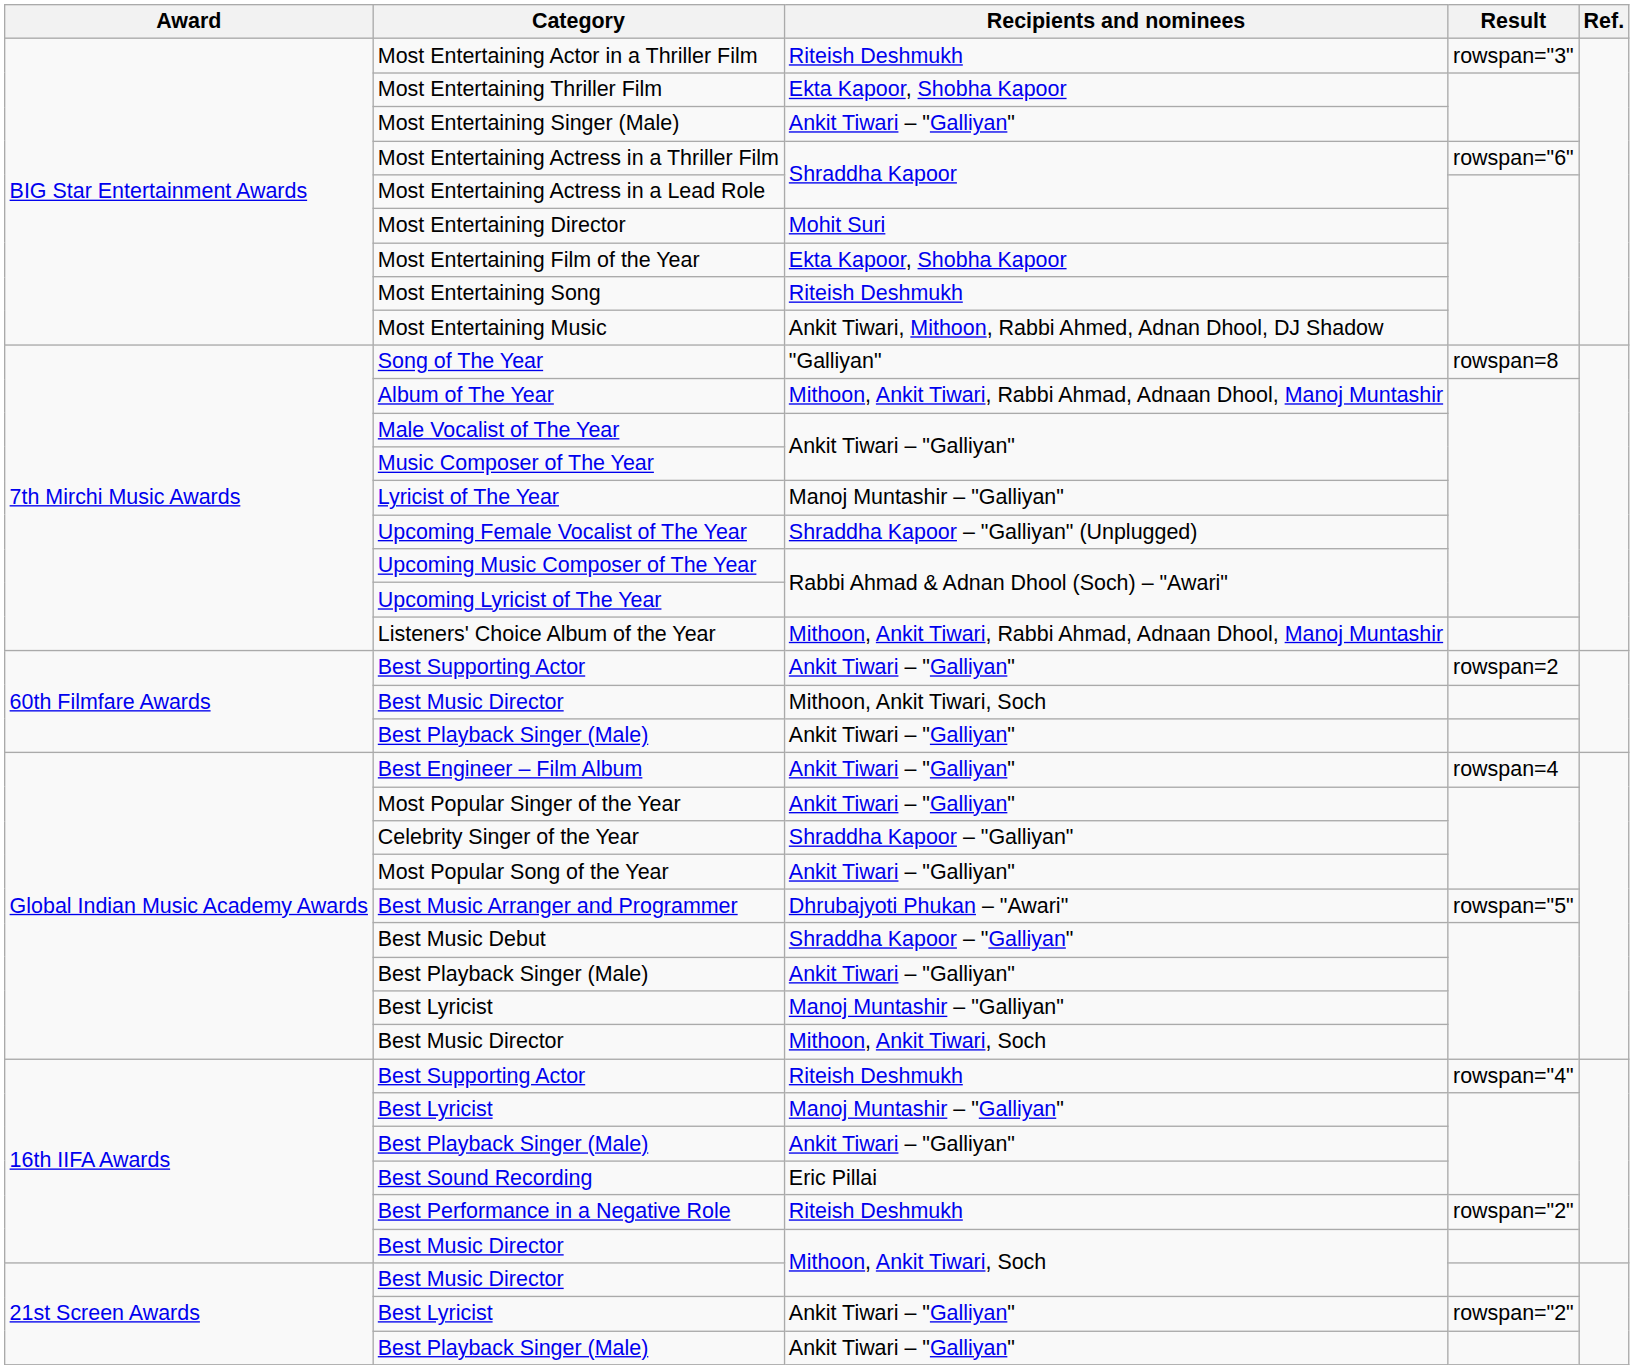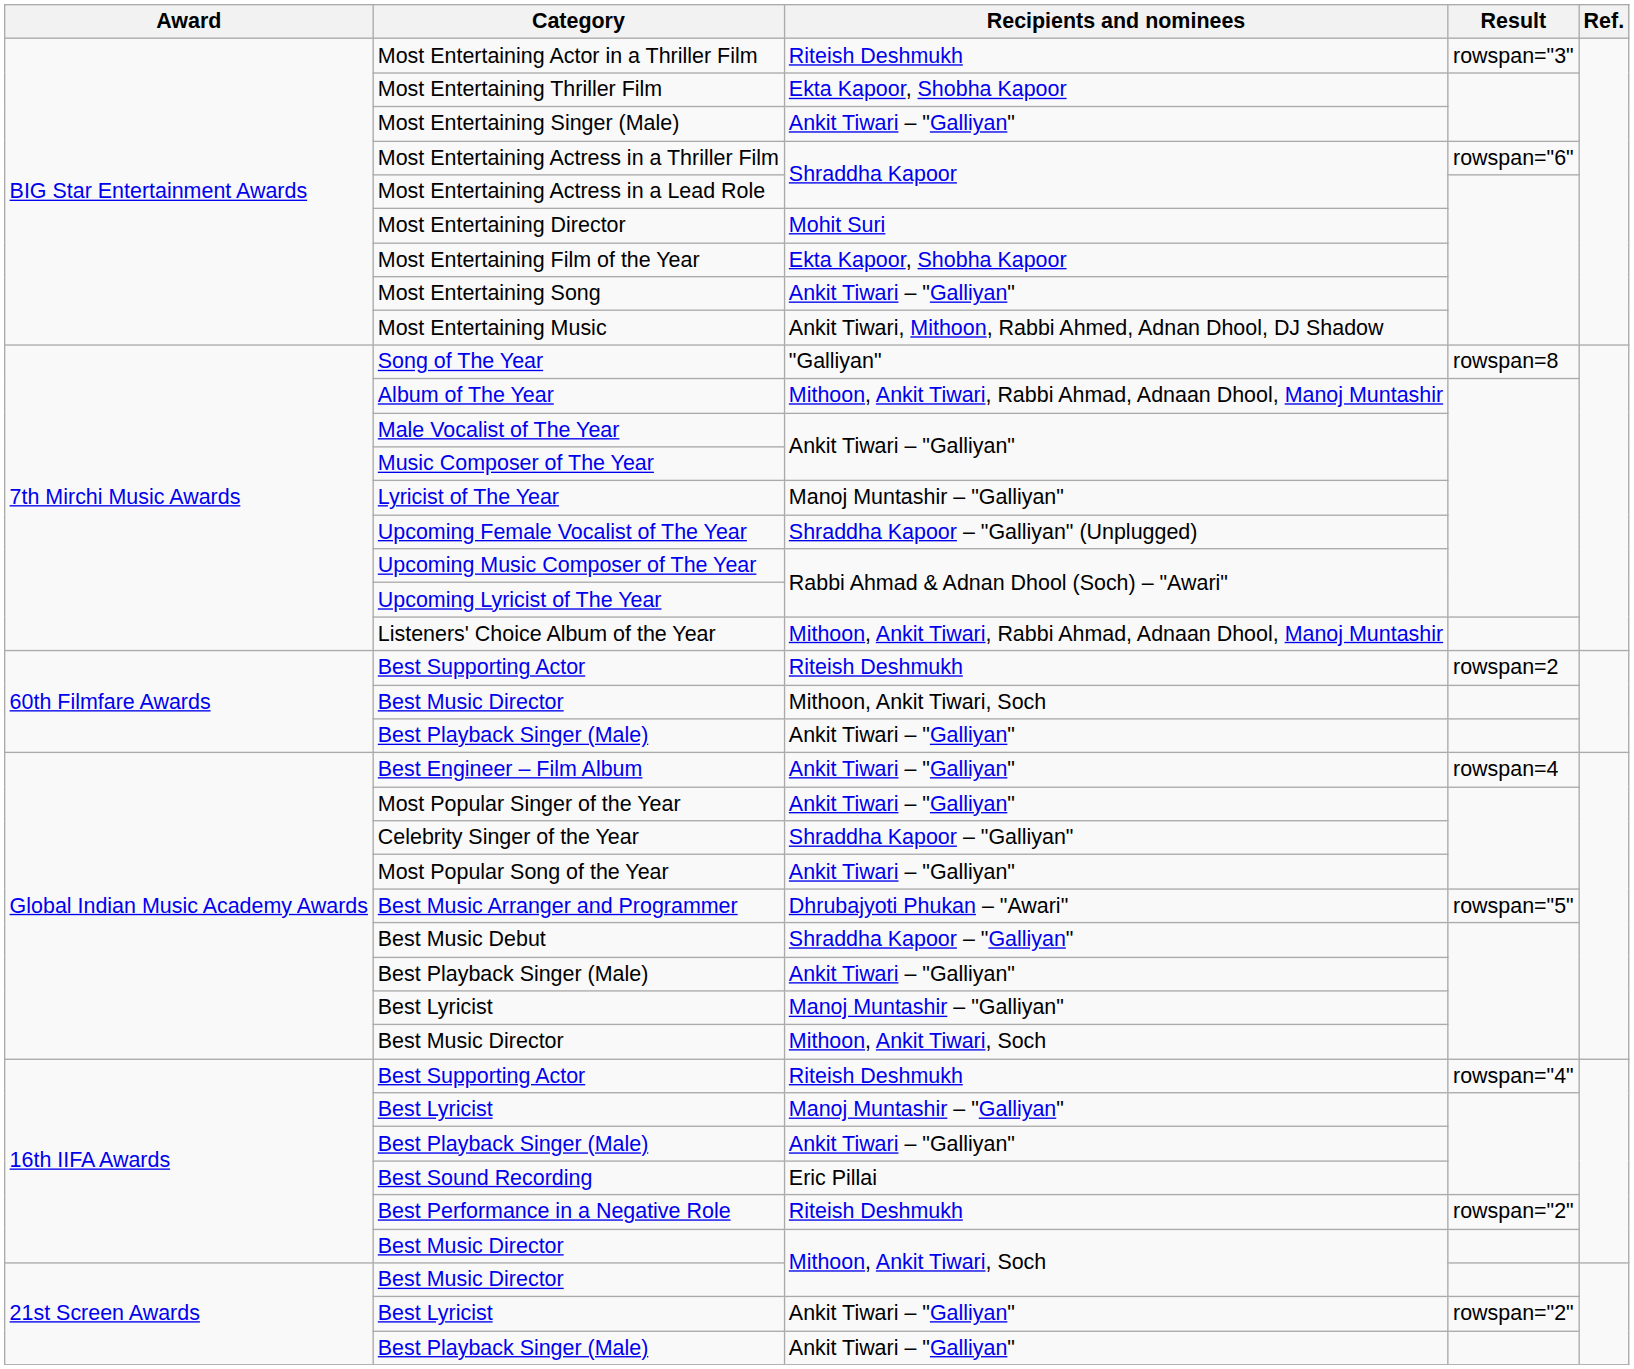 <table class="wikitable sortable">
 <tr>
 <th>Award</th>
 <th>Category</th>
 <th>Recipients and nominees</th>
 <th>Result</th>
 <th>Ref.</th>
 </tr>
 <tr>
 <td rowspan=9><a href='#'>BIG Star Entertainment Awards</a></td>
 <td>Most Entertaining Actor in a Thriller Film</td>
 <td><a href='#'>Riteish Deshmukh</a></td>
 <td>rowspan="3" </td>
 <td rowspan="9"></td>
 </tr>
 <tr>
 <td>Most Entertaining Thriller Film</td>
 <td><a href='#'>Ekta Kapoor</a>, <a href='#'>Shobha Kapoor</a></td>
 </tr>
 <tr>
 <td>Most Entertaining Singer (Male)</td>
 <td><a href='#'>Ankit Tiwari</a> – "<a href='#'>Galliyan</a>"</td>
 </tr>
 <tr>
 <td>Most Entertaining Actress in a Thriller Film</td>
 <td rowspan="2"><a href='#'>Shraddha Kapoor</a></td>
 <td>rowspan="6" </td>
 </tr>
 <tr>
 <td>Most Entertaining Actress in a Lead Role</td>
 </tr>
 <tr>
 <td>Most Entertaining Director</td>
 <td><a href='#'>Mohit Suri</a></td>
 </tr>
 <tr>
 <td>Most Entertaining Film of the Year</td>
 <td><a href='#'>Ekta Kapoor</a>, <a href='#'>Shobha Kapoor</a></td>
 </tr>
 <tr>
 <td>Most Entertaining Song</td>
-<td><a href='#'>Riteish Deshmukh</a></td>
+<td><a href='#'>Ankit Tiwari</a> – "<a href='#'>Galliyan</a>"</td>
 </tr>
 <tr>
 <td>Most Entertaining Music</td>
 <td>Ankit Tiwari, <a href='#'>Mithoon</a>, Rabbi Ahmed, Adnan Dhool, DJ Shadow</td>
 </tr>
 <tr>
 <td rowspan="9"><a href='#'>7th Mirchi Music Awards</a></td>
 <td><a href='#'>Song of The Year</a></td>
 <td>"Galliyan"</td>
 <td>rowspan=8 </td>
 <td rowspan=9></td>
 </tr>
 <tr>
 <td><a href='#'>Album of The Year</a></td>
 <td><a href='#'>Mithoon</a>, <a href='#'>Ankit Tiwari</a>, Rabbi Ahmad, Adnaan Dhool, <a href='#'>Manoj Muntashir</a></td>
 </tr>
 <tr>
 <td><a href='#'>Male Vocalist of The Year</a></td>
 <td rowspan=2>Ankit Tiwari – "Galliyan"</td>
 </tr>
 <tr>
 <td><a href='#'>Music Composer of The Year</a></td>
 </tr>
 <tr>
 <td><a href='#'>Lyricist of The Year</a></td>
 <td>Manoj Muntashir – "Galliyan"</td>
 </tr>
 <tr>
 <td><a href='#'>Upcoming Female Vocalist of The Year</a></td>
 <td><a href='#'>Shraddha Kapoor</a> – "Galliyan" (Unplugged)</td>
 </tr>
 <tr>
 <td><a href='#'>Upcoming Music Composer of The Year</a></td>
 <td rowspan=2>Rabbi Ahmad & Adnan Dhool (Soch) – "Awari"</td>
 </tr>
 <tr>
 <td><a href='#'>Upcoming Lyricist of The Year</a></td>
 </tr>
 <tr>
 <td>Listeners' Choice Album of the Year</td>
 <td><a href='#'>Mithoon</a>, <a href='#'>Ankit Tiwari</a>, Rabbi Ahmad, Adnaan Dhool, <a href='#'>Manoj Muntashir</a></td>
 <td></td>
 </tr>
 <tr>
 <td rowspan=3><a href='#'>60th Filmfare Awards</a></td>
 <td><a href='#'>Best Supporting Actor</a></td>
-<td><a href='#'>Ankit Tiwari</a> – "<a href='#'>Galliyan</a>"</td>
+<td><a href='#'>Riteish Deshmukh</a></td>
 <td>rowspan=2 </td>
 <td rowspan=3></td>
 </tr>
 <tr>
 <td><a href='#'>Best Music Director</a></td>
 <td>Mithoon, Ankit Tiwari, Soch</td>
 </tr>
 <tr>
 <td><a href='#'>Best Playback Singer (Male)</a></td>
 <td>Ankit Tiwari – "<a href='#'>Galliyan</a>"</td>
 <td></td>
 </tr>
 <tr>
 <td rowspan="9"><a href='#'>Global Indian Music Academy Awards</a></td>
 <td><a href='#'>Best Engineer – Film Album</a></td>
 <td><a href='#'>Ankit Tiwari</a> – "<a href='#'>Galliyan</a>"</td>
 <td>rowspan=4 </td>
 <td rowspan=9></td>
 </tr>
 <tr>
 <td>Most Popular Singer of the Year</td>
 <td><a href='#'>Ankit Tiwari</a> – "<a href='#'>Galliyan</a>"</td>
 </tr>
 <tr>
 <td>Celebrity Singer of the Year</td>
 <td><a href='#'>Shraddha Kapoor</a> – "Galliyan"</td>
 </tr>
 <tr>
 <td>Most Popular Song of the Year</td>
 <td><a href='#'>Ankit Tiwari</a> – "Galliyan"</td>
 </tr>
 <tr>
 <td><a href='#'>Best Music Arranger and Programmer</a></td>
 <td><a href='#'>Dhrubajyoti Phukan</a> – "Awari"</td>
 <td>rowspan="5" </td>
 </tr>
 <tr>
 <td>Best Music Debut</td>
 <td><a href='#'>Shraddha Kapoor</a> – "<a href='#'>Galliyan</a>"</td>
 </tr>
 <tr>
 <td>Best Playback Singer (Male)</td>
 <td><a href='#'>Ankit Tiwari</a> – "Galliyan"</td>
 </tr>
 <tr>
 <td>Best Lyricist</td>
 <td><a href='#'>Manoj Muntashir</a> – "Galliyan"</td>
 </tr>
 <tr>
 <td>Best Music Director</td>
 <td><a href='#'>Mithoon</a>, <a href='#'>Ankit Tiwari</a>, Soch</td>
 </tr>
 <tr>
 <td rowspan="6"><a href='#'>16th IIFA Awards</a></td>
 <td><a href='#'>Best Supporting Actor</a></td>
 <td><a href='#'>Riteish Deshmukh</a></td>
 <td>rowspan="4" </td>
 <td rowspan="6"></td>
 </tr>
 <tr>
 <td><a href='#'>Best Lyricist</a></td>
 <td><a href='#'>Manoj Muntashir</a> – "<a href='#'>Galliyan</a>"</td>
 </tr>
 <tr>
 <td><a href='#'>Best Playback Singer (Male)</a></td>
 <td><a href='#'>Ankit Tiwari</a> – "Galliyan"</td>
 </tr>
 <tr>
 <td><a href='#'>Best Sound Recording</a></td>
 <td>Eric Pillai</td>
 </tr>
 <tr>
 <td><a href='#'>Best Performance in a Negative Role</a></td>
 <td><a href='#'>Riteish Deshmukh</a></td>
 <td>rowspan="2" </td>
 </tr>
 <tr>
 <td><a href='#'>Best Music Director</a></td>
 <td rowspan="2"><a href='#'>Mithoon</a>, <a href='#'>Ankit Tiwari</a>, Soch</td>
 </tr>
 <tr>
 <td rowspan="3"><a href='#'>21st Screen Awards</a></td>
 <td><a href='#'>Best Music Director</a></td>
 <td></td>
 <td rowspan="3"></td>
 </tr>
 <tr>
 <td><a href='#'>Best Lyricist</a></td>
 <td>Ankit Tiwari – "<a href='#'>Galliyan</a>"</td>
 <td>rowspan="2" </td>
 </tr>
 <tr>
 <td><a href='#'>Best Playback Singer (Male)</a></td>
 <td>Ankit Tiwari – "<a href='#'>Galliyan</a>"</td>
 </tr>
 </table>
